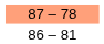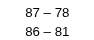 <table style="text-align:center">
 <tr>
 <th width=200></th>
 <th width=100></th>
 <th width=200></th>
 <th></th>
 </tr>
 <tr>
 <td align=right><strong></strong></td>
-<td style="background: lightsalmon;">87 – 78</td>
+<td>87 – 78</td>
 <td align=left></td>
 </tr>
 <tr>
 <td align=right><strong></strong></td>
 <td>86 – 81</td>
 <td align=left></td>
 </tr>
 </table>
